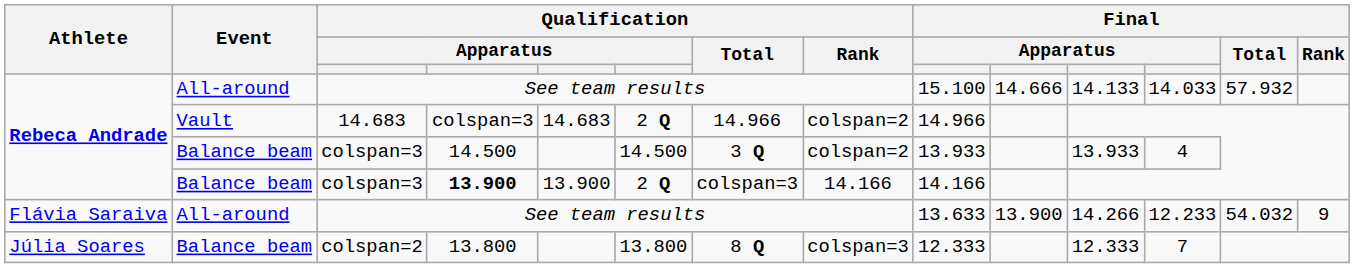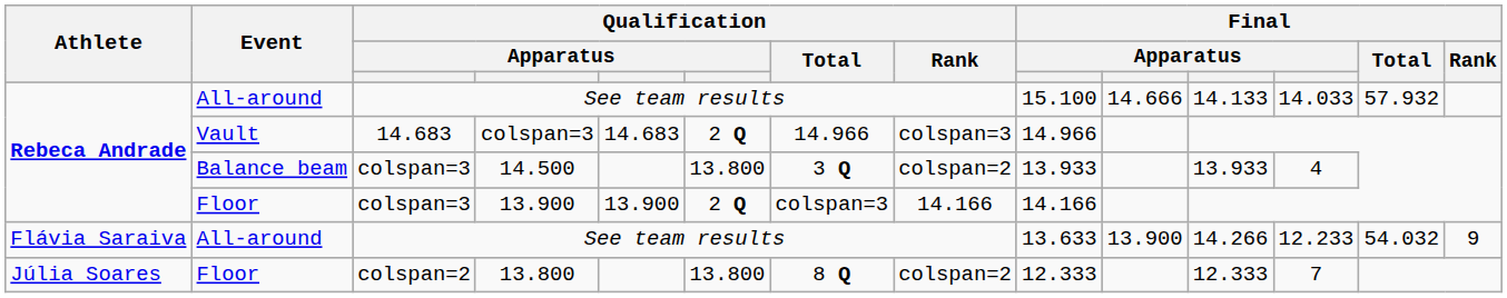 <table class="wikitable" style="font-size:90%">
 <tr>
 <th rowspan=3>Athlete</th>
 <th rowspan=3>Event</th>
 <th colspan=6>Qualification</th>
 <th colspan=6>Final</th>
 </tr>
 <tr style="font-size:95%">
 <th colspan=4>Apparatus</th>
 <th rowspan=2>Total</th>
 <th rowspan=2>Rank</th>
 <th colspan=4>Apparatus</th>
 <th rowspan=2>Total</th>
 <th rowspan=2>Rank</th>
 </tr>
 <tr style="font-size:95%">
 <th></th>
 <th></th>
 <th></th>
 <th></th>
 <th></th>
 <th></th>
 <th></th>
 <th></th>
 </tr>
 <tr align=center>
 <td align=left rowspan=4><strong><a href='#'>Rebeca Andrade</a></strong></td>
 <td align=left><a href='#'>All-around</a></td>
 <td colspan=6><em>See team results</em></td>
 <td>15.100</td>
 <td>14.666</td>
 <td>14.133</td>
 <td>14.033</td>
 <td>57.932</td>
 <td></td>
 </tr>
 <tr align=center>
 <td align=left><a href='#'>Vault</a></td>
 <td>14.683</td>
 <td>colspan=3 </td>
 <td>14.683</td>
 <td>2 <strong>Q</strong></td>
 <td>14.966</td>
-<td>colspan=2 </td>
+<td>colspan=3 </td>
 <td>14.966</td>
 <td></td>
 </tr>
 <tr align=center>
 <td align=left><a href='#'>Balance beam</a></td>
 <td>colspan=3 </td>
 <td>14.500</td>
 <td></td>
-<td>14.500</td>
+<td>13.800</td>
 <td>3 <strong>Q</strong></td>
 <td>colspan=2 </td>
 <td>13.933</td>
 <td></td>
 <td>13.933</td>
 <td>4</td>
 </tr>
 <tr align=center>
-<td align=left><a href='#'>Balance beam</a></td>
+<td align=left><a href='#'>Floor</a></td>
 <td>colspan=3 </td>
-<td><strong>13.900</strong></td>
+<td>13.900</td>
 <td>13.900</td>
 <td>2 <strong>Q</strong></td>
 <td>colspan=3 </td>
 <td>14.166</td>
 <td>14.166</td>
 <td></td>
 </tr>
 <tr align=center>
 <td align=left><a href='#'>Flávia Saraiva</a></td>
 <td align=left><a href='#'>All-around</a></td>
 <td colspan=6><em>See team results</em></td>
 <td>13.633</td>
 <td>13.900</td>
 <td>14.266</td>
 <td>12.233</td>
 <td>54.032</td>
 <td>9</td>
 </tr>
 <tr align=center>
 <td align=left><a href='#'>Júlia Soares</a></td>
-<td align=left><a href='#'>Balance beam</a></td>
+<td align=left><a href='#'>Floor</a></td>
 <td>colspan=2 </td>
 <td>13.800</td>
 <td></td>
 <td>13.800</td>
 <td>8 <strong>Q</strong></td>
-<td>colspan=3 </td>
+<td>colspan=2 </td>
 <td>12.333</td>
 <td></td>
 <td>12.333</td>
 <td>7</td>
 </tr>
 </table>
